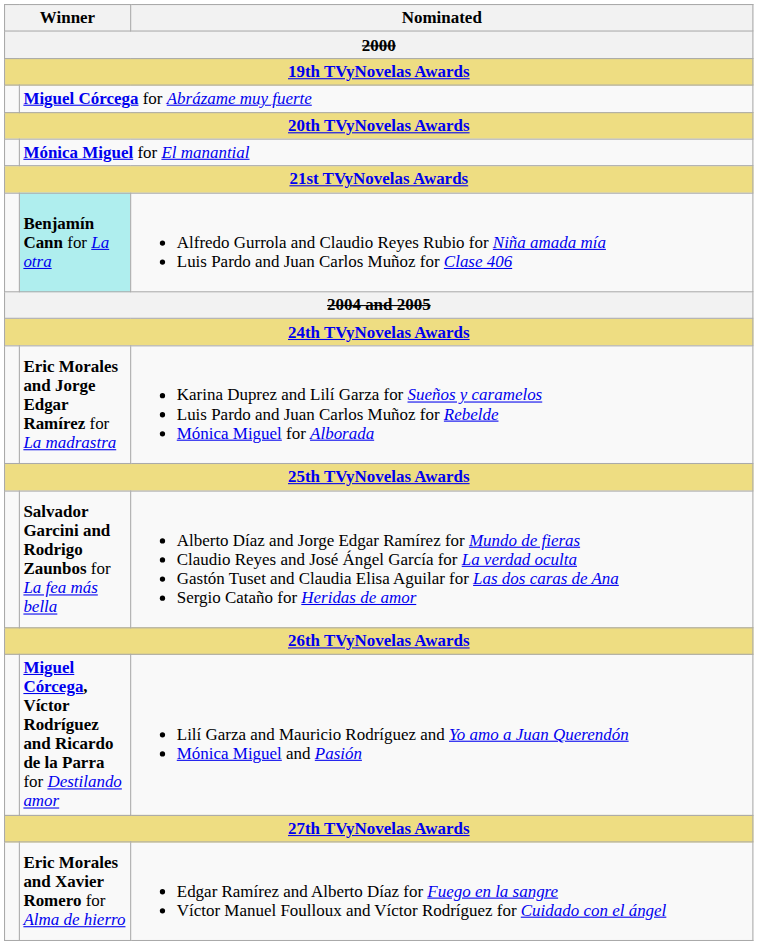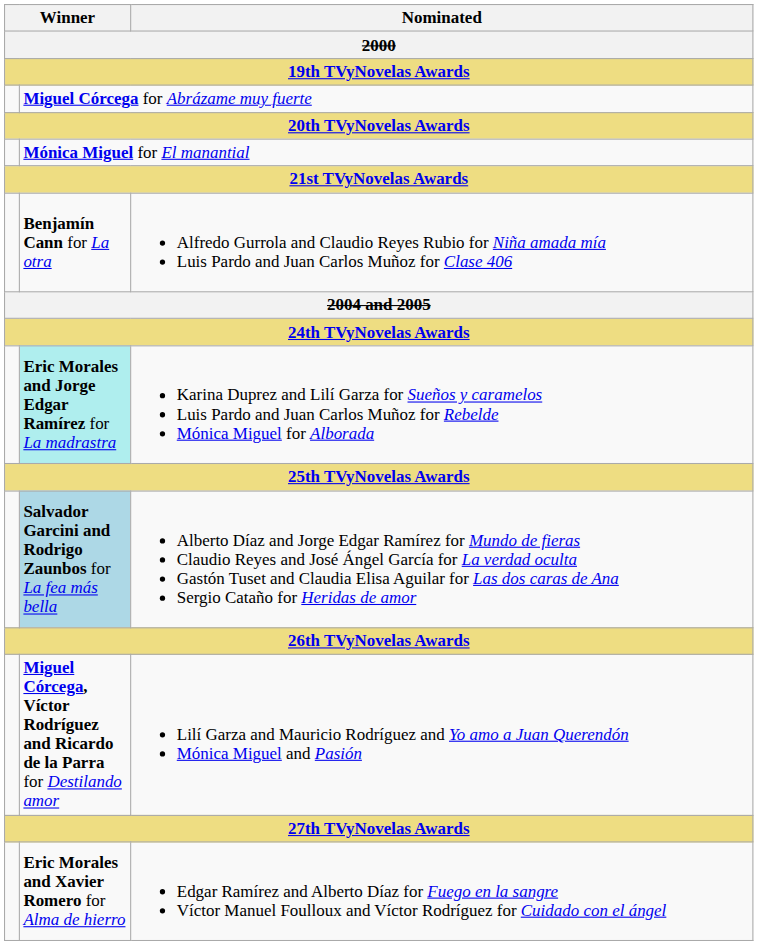 <table class="wikitable" width=80%>
 <tr align=center>
 <th width="150px;" colspan=2; align="center">Winner</th>
 <th width="580px;" align="center">Nominated</th>
 </tr>
 <tr>
 <th colspan=9  align="center"><s>2000</s></th>
 </tr>
 <tr>
 <th colspan=9 style="background:#EEDD82;"  align="center"><strong><a href='#'>19th TVyNovelas Awards</a></strong></th>
 </tr>
 <tr>
 <td width=2%></td>
 <td colspan=2><strong><a href='#'>Miguel Córcega</a></strong> for <em><a href='#'>Abrázame muy fuerte</a></em></td>
 </tr>
 <tr>
 <th colspan=9 style="background:#EEDD82;"  align="center"><strong><a href='#'>20th TVyNovelas Awards</a></strong></th>
 </tr>
 <tr>
 <td width=2%></td>
 <td colspan=2><strong><a href='#'>Mónica Miguel</a></strong> for <em><a href='#'>El manantial</a></em></td>
 </tr>
 <tr>
 <th colspan=9 style="background:#EEDD82;"  align="center"><strong><a href='#'>21st TVyNovelas Awards</a></strong></th>
 </tr>
 <tr>
 <td width=2%></td>
-<td style="background: paleturquoise;"><strong>Benjamín Cann</strong> for <em><a href='#'>La otra</a></em></td>
+<td><strong>Benjamín Cann</strong> for <em><a href='#'>La otra</a></em></td>
 <td><br><ul><li>Alfredo Gurrola and Claudio Reyes Rubio for <em><a href='#'>Niña amada mía</a></em></li><li>Luis Pardo and Juan Carlos Muñoz for <em><a href='#'>Clase 406</a></em></li></ul></td>
 </tr>
 <tr>
 <th colspan=9  align="center"><s>2004 and 2005</s></th>
 </tr>
 <tr>
 <th colspan=9 style="background:#EEDD82;"  align="center"><strong><a href='#'>24th TVyNovelas Awards</a></strong></th>
 </tr>
 <tr>
 <td width=2%></td>
-<td><strong>Eric Morales and Jorge Edgar Ramírez</strong> for <em><a href='#'>La madrastra</a></em></td>
+<td style="background: paleturquoise;"><strong>Eric Morales and Jorge Edgar Ramírez</strong> for <em><a href='#'>La madrastra</a></em></td>
 <td><br><ul><li>Karina Duprez and Lilí Garza for <em><a href='#'>Sueños y caramelos</a></em></li><li>Luis Pardo and Juan Carlos Muñoz for <em><a href='#'>Rebelde</a></em></li><li><a href='#'>Mónica Miguel</a> for <em><a href='#'>Alborada</a></em></li></ul></td>
 </tr>
 <tr>
 <th colspan=9 style="background:#EEDD82;"  align="center"><strong><a href='#'>25th TVyNovelas Awards</a></strong></th>
 </tr>
 <tr>
 <td width=2%></td>
-<td><strong>Salvador Garcini and Rodrigo Zaunbos</strong> for <em><a href='#'>La fea más bella</a></em></td>
+<td style="background: lightblue;"><strong>Salvador Garcini and Rodrigo Zaunbos</strong> for <em><a href='#'>La fea más bella</a></em></td>
 <td><br><ul><li>Alberto Díaz and Jorge Edgar Ramírez for <em><a href='#'>Mundo de fieras</a></em></li><li>Claudio Reyes and José Ángel García for <em><a href='#'>La verdad oculta</a></em></li><li>Gastón Tuset and Claudia Elisa Aguilar for <em><a href='#'>Las dos caras de Ana</a></em></li><li>Sergio Cataño for <em><a href='#'>Heridas de amor</a></em></li></ul></td>
 </tr>
 <tr>
 <th colspan=9 style="background:#EEDD82;"  align="center"><strong><a href='#'>26th TVyNovelas Awards</a></strong></th>
 </tr>
 <tr>
 <td width=2%></td>
 <td><strong><a href='#'>Miguel Córcega</a>, Víctor Rodríguez and Ricardo de la Parra</strong> for <em><a href='#'>Destilando amor</a></em></td>
 <td><br><ul><li>Lilí Garza and Mauricio Rodríguez and <em><a href='#'>Yo amo a Juan Querendón</a></em></li><li><a href='#'>Mónica Miguel</a> and <em><a href='#'>Pasión</a></em></li></ul></td>
 </tr>
 <tr>
 <th colspan=9 style="background:#EEDD82;"  align="center"><strong><a href='#'>27th TVyNovelas Awards</a></strong></th>
 </tr>
 <tr>
 <td width=2%></td>
 <td><strong>Eric Morales and Xavier Romero</strong> for <em><a href='#'>Alma de hierro</a></em></td>
 <td><br><ul><li>Edgar Ramírez and Alberto Díaz for <em><a href='#'>Fuego en la sangre</a></em></li><li>Víctor Manuel Foulloux and Víctor Rodríguez for <em><a href='#'>Cuidado con el ángel</a></em></li></ul></td>
 </tr>
 </table>
